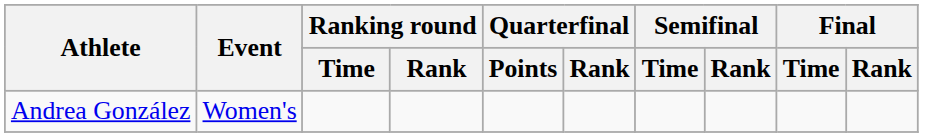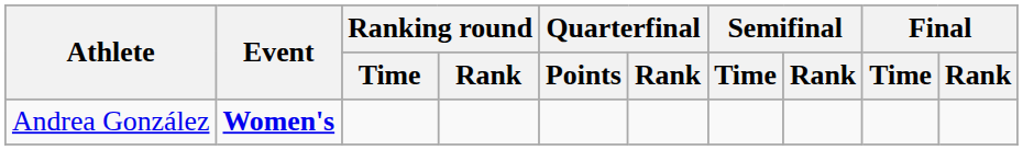 <table class="wikitable" border="1" style="font-size:90%">
 <tr>
 <th rowspan=2>Athlete</th>
 <th rowspan=2>Event</th>
 <th colspan=2>Ranking round</th>
 <th colspan=2>Quarterfinal</th>
 <th colspan=2>Semifinal</th>
 <th colspan=2>Final</th>
 </tr>
 <tr>
 <th>Time</th>
 <th>Rank</th>
 <th>Points</th>
 <th>Rank</th>
 <th>Time</th>
 <th>Rank</th>
 <th>Time</th>
 <th>Rank</th>
 </tr>
 <tr>
 <td><a href='#'>Andrea González</a></td>
-<td align=left><a href='#'>Women's</a></td>
+<td align=left><strong><a href='#'>Women's</a></strong></td>
 <td></td>
 <td></td>
 <td></td>
 <td></td>
 <td></td>
 <td></td>
 <td></td>
 <td></td>
 </tr>
 </table>
